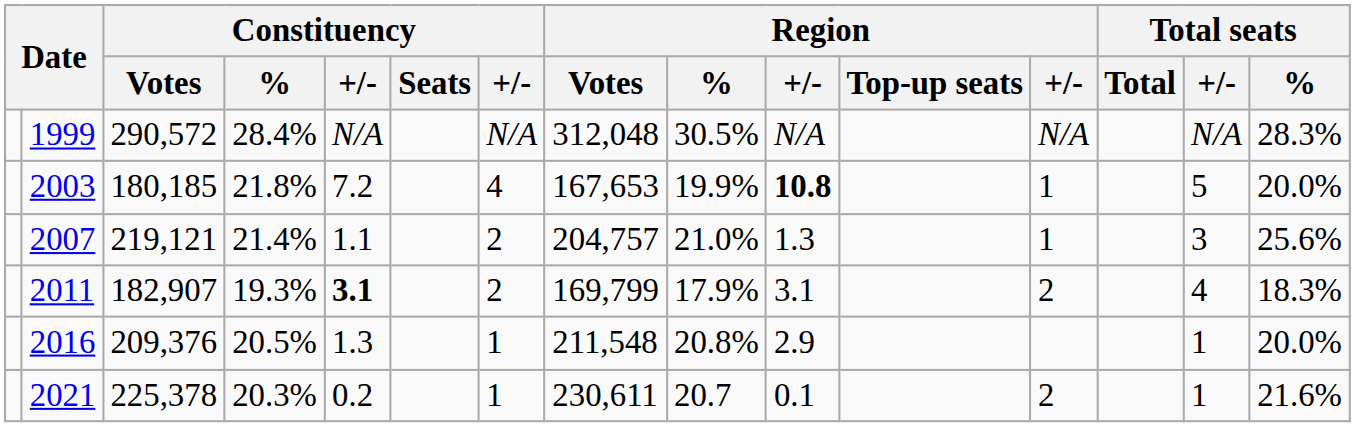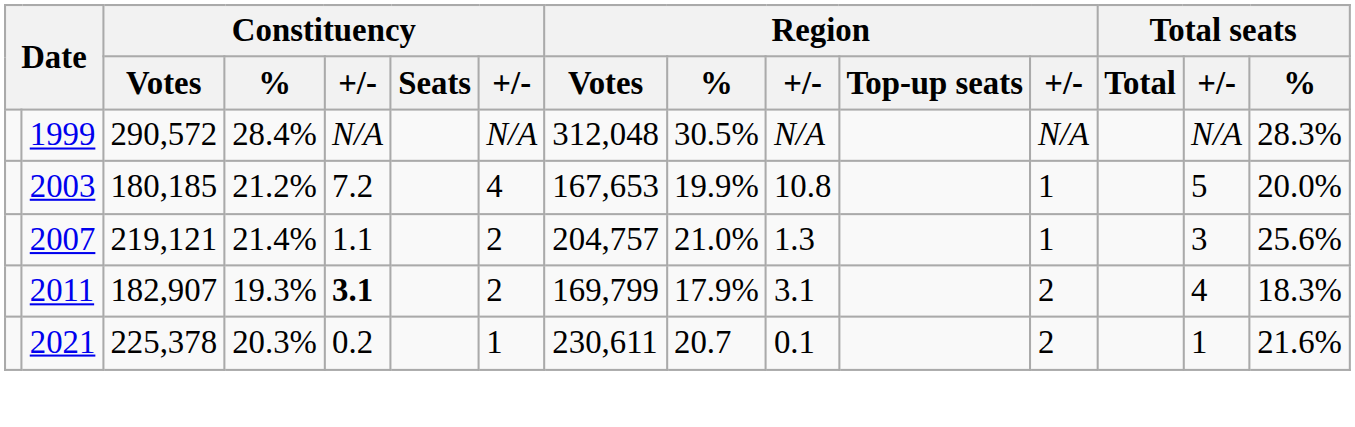 <table class="wikitable">
 <tr>
 <th colspan=2 rowspan=2>Date</th>
 <th colspan=5>Constituency</th>
 <th colspan=5>Region</th>
 <th colspan=3>Total seats</th>
 </tr>
 <tr>
 <th>Votes</th>
 <th>%</th>
 <th>+/-</th>
 <th>Seats</th>
 <th>+/-</th>
 <th>Votes</th>
 <th>%</th>
 <th>+/-</th>
 <th>Top-up seats</th>
 <th>+/-</th>
 <th>Total</th>
 <th>+/-</th>
 <th>%</th>
 </tr>
 <tr>
 <td width="1" style="color:inherit;background:"></td>
 <td><a href='#'>1999</a></td>
 <td>290,572</td>
 <td>28.4%</td>
 <td><em>N/A</em></td>
 <td></td>
 <td><em>N/A</em></td>
 <td>312,048</td>
 <td>30.5%</td>
 <td><em>N/A</em></td>
 <td></td>
 <td><em>N/A</em></td>
 <td></td>
 <td><em>N/A</em></td>
 <td>28.3%</td>
 </tr>
 <tr>
 <td width="1" style="color:inherit;background:"></td>
 <td><a href='#'>2003</a></td>
 <td>180,185</td>
-<td>21.8%</td>
+<td>21.2%</td>
 <td> 7.2</td>
 <td></td>
 <td> 4</td>
 <td>167,653</td>
 <td>19.9%</td>
-<td><strong> 10.8</strong></td>
+<td> 10.8</td>
 <td></td>
 <td> 1</td>
 <td></td>
 <td> 5</td>
 <td>20.0%</td>
 </tr>
 <tr>
 <td width="1" style="color:inherit;background:"></td>
 <td><a href='#'>2007</a></td>
 <td>219,121</td>
 <td>21.4%</td>
 <td> 1.1</td>
 <td></td>
 <td> 2</td>
 <td>204,757</td>
 <td>21.0%</td>
 <td> 1.3</td>
 <td></td>
 <td> 1</td>
 <td></td>
 <td> 3</td>
 <td>25.6%</td>
 </tr>
 <tr>
 <td width="1" style="color:inherit;background:"></td>
 <td><a href='#'>2011</a></td>
 <td>182,907</td>
 <td>19.3%</td>
 <td><strong> 3.1</strong></td>
 <td></td>
 <td> 2</td>
 <td>169,799</td>
 <td>17.9%</td>
 <td> 3.1</td>
 <td></td>
 <td> 2</td>
 <td></td>
 <td> 4</td>
 <td>18.3%</td>
 </tr>
 <tr>
 <td width="1" style="color:inherit;background:"></td>
-<td><a href='#'>2016</a></td>
-<td>209,376</td>
-<td>20.5%</td>
-<td> 1.3</td>
-<td></td>
-<td> 1</td>
-<td>211,548</td>
-<td>20.8%</td>
-<td> 2.9</td>
-<td></td>
-<td></td>
-<td></td>
-<td> 1</td>
-<td>20.0%</td>
-</tr>
-<tr>
-<td width="1" style="color:inherit;background:"></td>
 <td><a href='#'>2021</a></td>
 <td>225,378</td>
 <td>20.3%</td>
 <td> 0.2</td>
 <td></td>
 <td> 1</td>
 <td>230,611</td>
 <td>20.7</td>
 <td> 0.1</td>
 <td></td>
 <td> 2</td>
 <td></td>
 <td> 1</td>
 <td>21.6%</td>
 </tr>
 </table>
